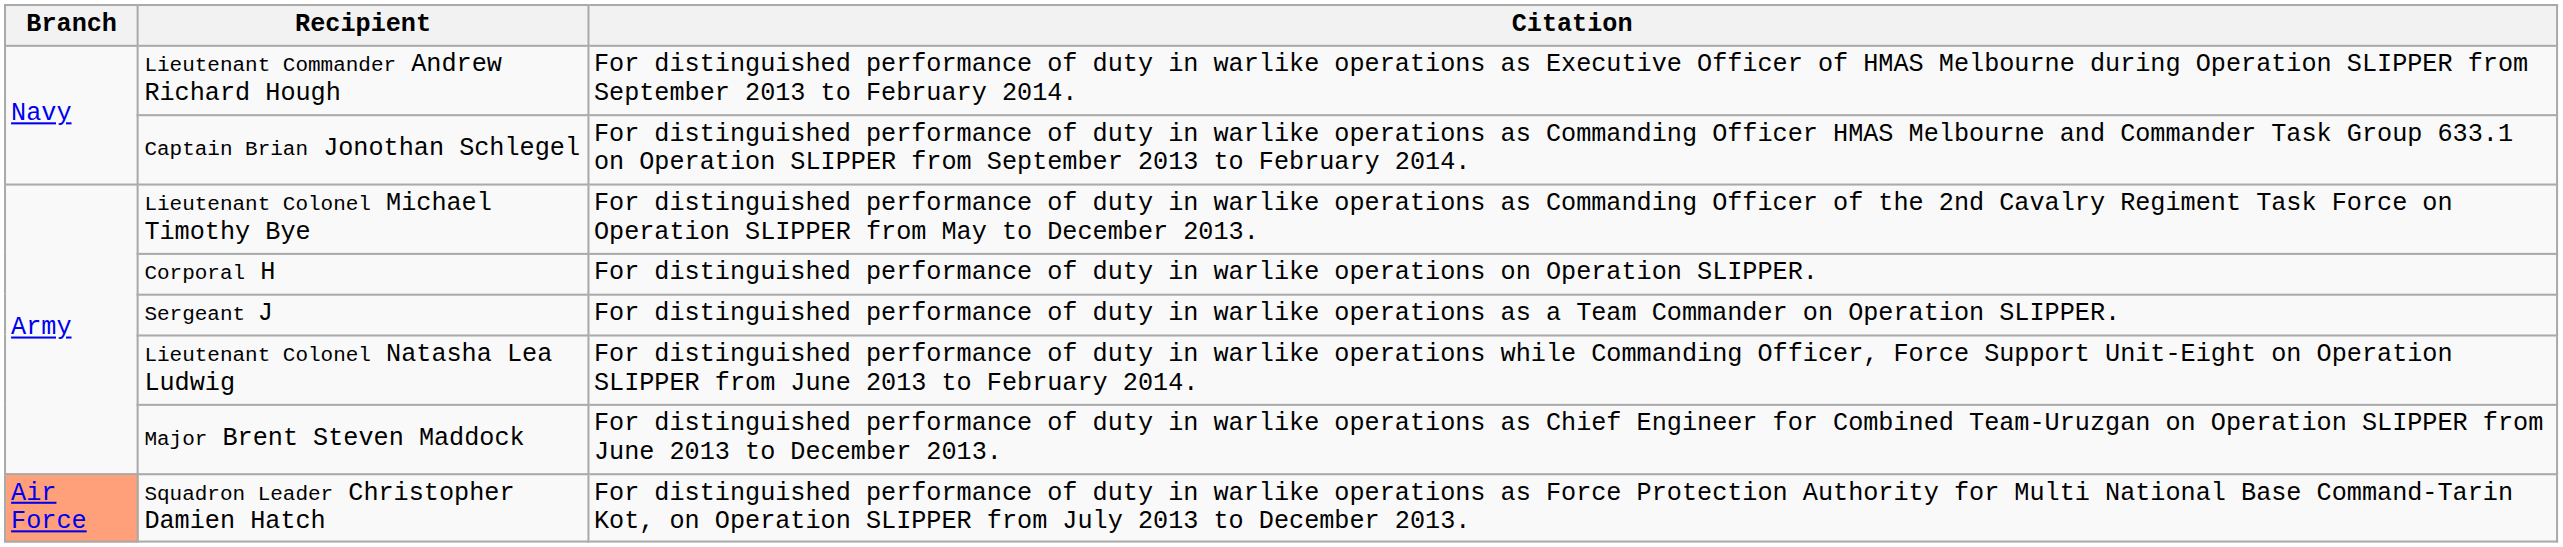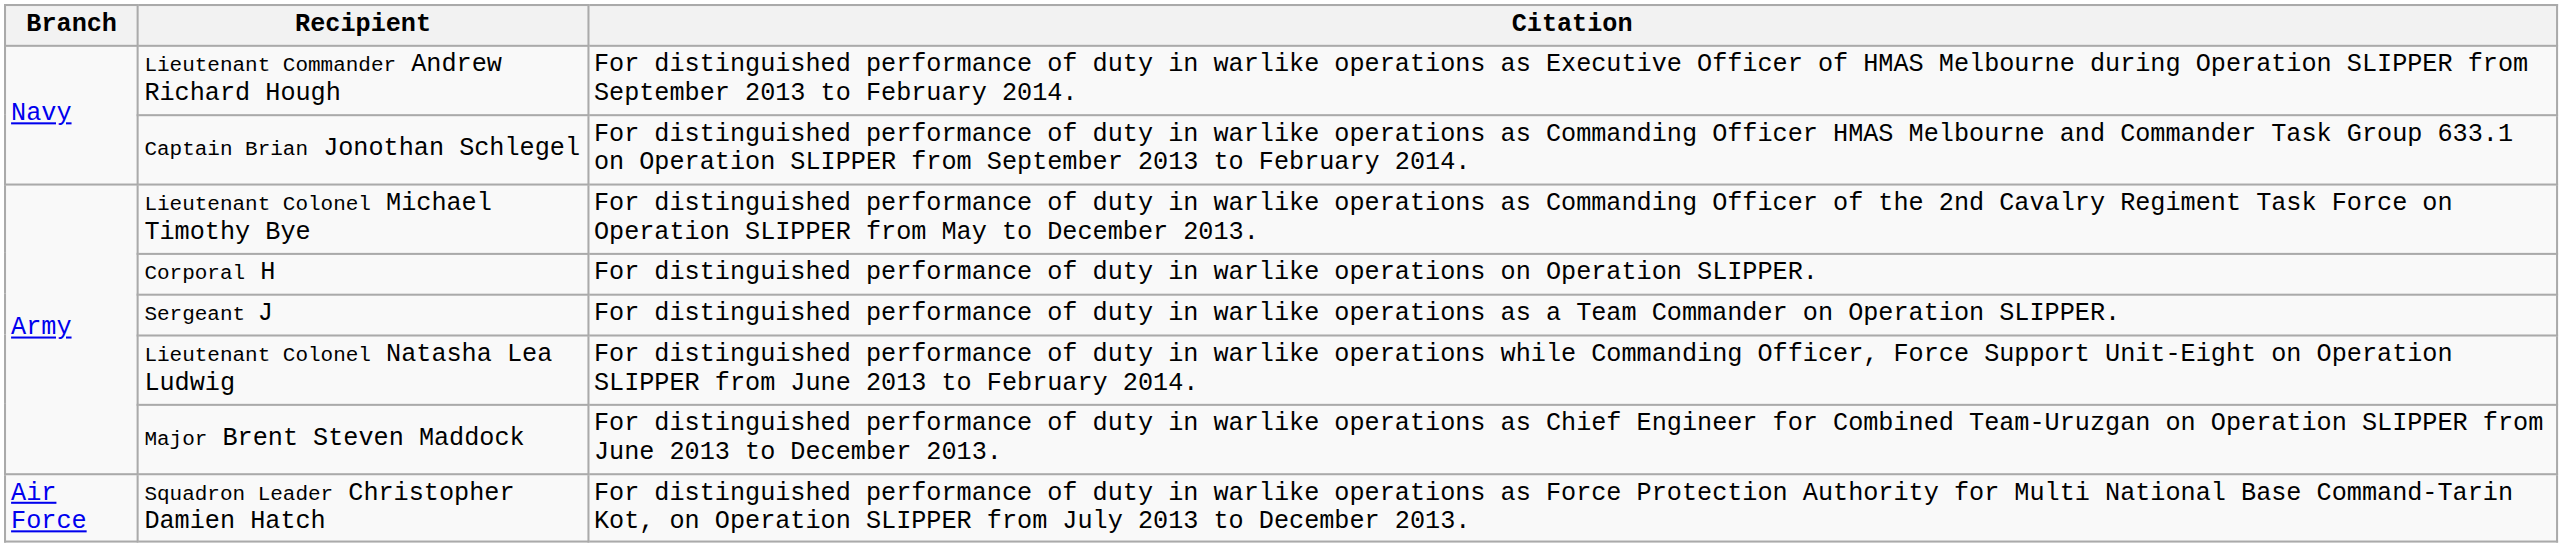 <table class="wikitable" style="font-size:95%;">
 <tr>
 <th>Branch</th>
 <th>Recipient</th>
 <th>Citation</th>
 </tr>
 <tr>
 <td rowspan="2"><a href='#'>Navy</a></td>
 <td><small>Lieutenant Commander</small> Andrew Richard Hough </td>
 <td>For distinguished performance of duty in warlike operations as Executive Officer of HMAS Melbourne during Operation SLIPPER from September 2013 to February 2014.</td>
 </tr>
 <tr>
 <td><small>Captain Brian</small> Jonothan Schlegel  </td>
 <td>For distinguished performance of duty in warlike operations as Commanding Officer HMAS Melbourne and Commander Task Group 633.1 on Operation SLIPPER from September 2013 to February 2014.</td>
 </tr>
 <tr>
 <td rowspan="5"><a href='#'>Army</a></td>
 <td><small>Lieutenant Colonel</small> Michael Timothy Bye</td>
 <td>For distinguished performance of duty in warlike operations as Commanding Officer of the 2nd Cavalry Regiment Task Force on Operation SLIPPER from May to December 2013.</td>
 </tr>
 <tr>
 <td><small>Corporal</small> H</td>
 <td>For distinguished performance of duty in warlike operations on Operation SLIPPER.</td>
 </tr>
 <tr>
 <td><small>Sergeant </small> J</td>
 <td>For distinguished performance of duty in warlike operations as a Team Commander on Operation SLIPPER.</td>
 </tr>
 <tr>
 <td><small>Lieutenant Colonel</small> Natasha Lea Ludwig</td>
 <td>For distinguished performance of duty in warlike operations while Commanding Officer, Force Support Unit-Eight on Operation SLIPPER from June 2013 to February 2014.</td>
 </tr>
 <tr>
 <td><small>Major</small> Brent Steven Maddock</td>
 <td>For distinguished performance of duty in warlike operations as Chief Engineer for Combined Team-Uruzgan on Operation SLIPPER from June 2013 to December 2013.</td>
 </tr>
 <tr>
-<td style="background: lightsalmon;"><a href='#'>Air Force</a></td>
+<td><a href='#'>Air Force</a></td>
 <td><small>Squadron Leader</small> Christopher Damien Hatch</td>
 <td>For distinguished performance of duty in warlike operations as Force Protection Authority for Multi National Base Command-Tarin Kot, on Operation SLIPPER from July 2013 to December 2013.</td>
 </tr>
 </table>
